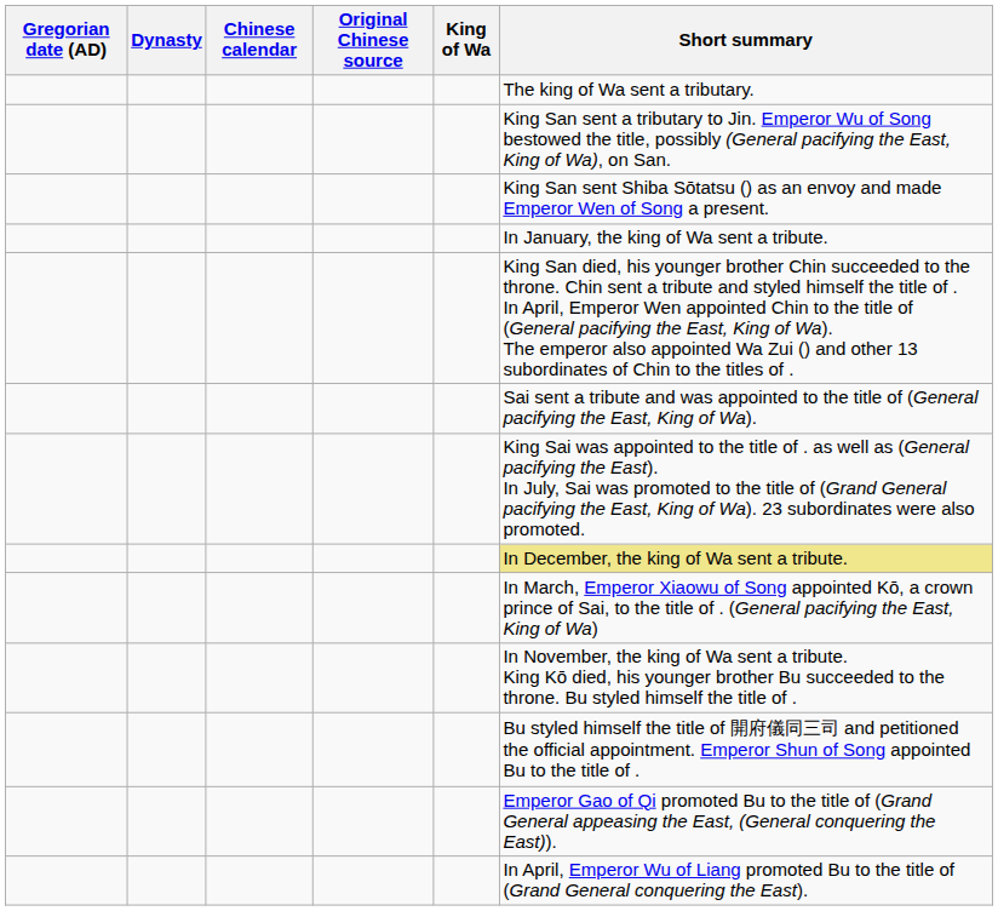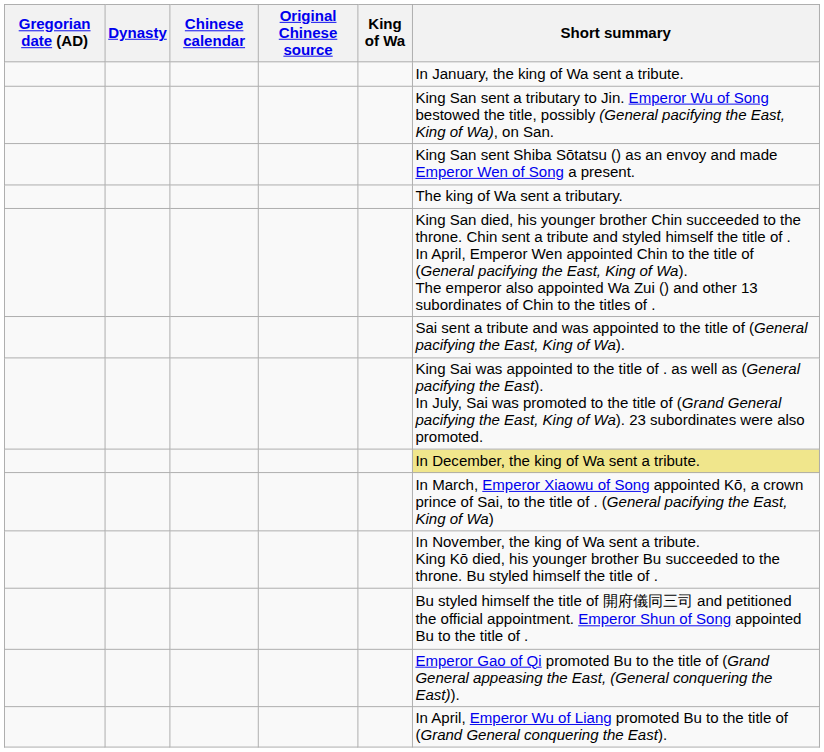 <table class="wikitable sortable">
 <tr>
 <th><a href='#'>Gregorian date</a> (AD)</th>
 <th><a href='#'>Dynasty</a></th>
 <th><a href='#'>Chinese calendar</a></th>
 <th><a href='#'>Original Chinese source</a></th>
 <th>King of Wa</th>
 <th class="unsortable" width="50%">Short summary</th>
 </tr>
 <tr>
 <td align="center"></td>
 <td></td>
 <td></td>
 <td></td>
 <td></td>
-<td>The king of Wa sent a tributary.</td>
+<td>In January, the king of Wa sent a tribute.</td>
 </tr>
 <tr>
 <td align="center"></td>
 <td></td>
 <td></td>
 <td></td>
 <td></td>
 <td>King San sent a tributary to Jin. <a href='#'>Emperor Wu of Song</a> bestowed the title, possibly  <em>(General pacifying the East, King of Wa)</em>, on San.</td>
 </tr>
 <tr>
 <td align="center"></td>
 <td></td>
 <td></td>
 <td></td>
 <td></td>
 <td>King San sent Shiba Sōtatsu () as an envoy and made <a href='#'>Emperor Wen of Song</a> a present.</td>
 </tr>
 <tr>
 <td align="center"></td>
 <td></td>
 <td></td>
 <td></td>
 <td></td>
-<td>In January, the king of Wa sent a tribute.</td>
+<td>The king of Wa sent a tributary.</td>
 </tr>
 <tr>
 <td align="center"></td>
 <td></td>
 <td></td>
 <td></td>
 <td></td>
 <td>King San died, his younger brother Chin succeeded to the throne. Chin sent a tribute and styled himself the title of . <br>In April, Emperor Wen appointed Chin to the title of  (<em>General pacifying the East, King of Wa</em>).<br>The emperor also appointed Wa Zui () and other 13 subordinates of Chin to the titles of .</td>
 </tr>
 <tr>
 <td align="center"></td>
 <td></td>
 <td></td>
 <td></td>
 <td></td>
 <td>Sai sent a tribute and was appointed to the title of  (<em>General pacifying the East, King of Wa</em>).</td>
 </tr>
 <tr>
 <td align="center"></td>
 <td></td>
 <td></td>
 <td></td>
 <td></td>
 <td>King Sai was appointed to the title of . as well as  (<em>General pacifying the East</em>).<br>In July, Sai was promoted to the title of  (<em>Grand General pacifying the East, King of Wa</em>). 23 subordinates were also promoted.</td>
 </tr>
 <tr>
 <td align="center"></td>
 <td></td>
 <td></td>
 <td></td>
 <td></td>
 <td style="background: khaki;">In December, the king of Wa sent a tribute.</td>
 </tr>
 <tr>
 <td align="center"></td>
 <td></td>
 <td></td>
 <td></td>
 <td></td>
 <td>In March, <a href='#'>Emperor Xiaowu of Song</a> appointed Kō, a crown prince of Sai, to the title of . (<em>General pacifying the East, King of Wa</em>)</td>
 </tr>
 <tr>
 <td align="center"></td>
 <td></td>
 <td></td>
 <td></td>
 <td></td>
 <td>In November, the king of Wa sent a tribute.<br>King Kō died, his younger brother Bu succeeded to the throne. Bu styled himself the title of .</td>
 </tr>
 <tr>
 <td align="center"></td>
 <td></td>
 <td></td>
 <td></td>
 <td></td>
 <td>Bu styled himself the title of 開府儀同三司 and petitioned the official appointment. <a href='#'>Emperor Shun of Song</a> appointed Bu to the title of .</td>
 </tr>
 <tr>
 <td align="center"></td>
 <td></td>
 <td></td>
 <td></td>
 <td></td>
 <td><a href='#'>Emperor Gao of Qi</a> promoted Bu to the title of  (<em>Grand General appeasing the East, (General conquering the East)</em>).</td>
 </tr>
 <tr>
 <td align="center"></td>
 <td></td>
 <td></td>
 <td></td>
 <td></td>
 <td>In April, <a href='#'>Emperor Wu of Liang</a> promoted Bu to the title of   (<em>Grand General conquering the East</em>).</td>
 </tr>
 </table>
